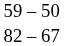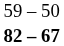 <table style="text-align:center;">
 <tr>
 <th width=200></th>
 <th width=100></th>
 <th width=200></th>
 <th></th>
 </tr>
 <tr>
 <td align=right><strong></strong></td>
 <td>59 – 50</td>
 <td align=left></td>
 </tr>
 <tr>
 <td align=right><strong></strong></td>
-<td>82 – 67</td>
+<td><strong>82 – 67</strong></td>
 <td align=left></td>
 </tr>
 </table>
